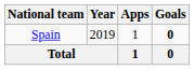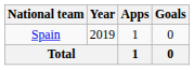 <table class="wikitable" style="text-align:center">
 <tr>
 <th>National team</th>
 <th>Year</th>
 <th>Apps</th>
 <th>Goals</th>
 </tr>
 <tr>
 <td><a href='#'>Spain</a></td>
 <td>2019</td>
 <td>1</td>
-<td><strong>0</strong></td>
+<td>0</td>
 </tr>
 <tr>
 <th colspan="2">Total</th>
 <th>1</th>
 <th>0</th>
 </tr>
 </table>
